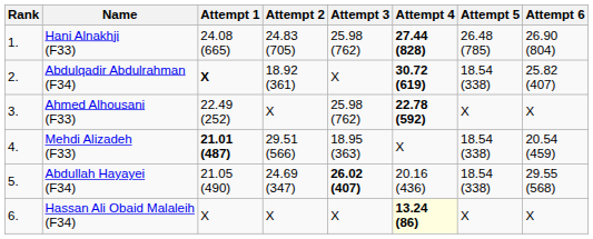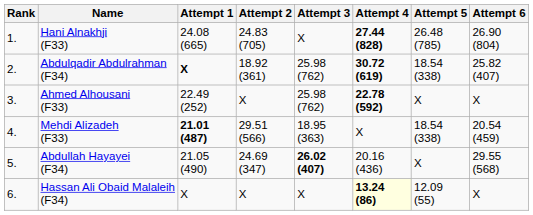 <table class="wikitable">
 <tr>
 <th>Rank</th>
 <th>Name</th>
 <th>Attempt 1</th>
 <th>Attempt 2</th>
 <th>Attempt 3</th>
 <th>Attempt 4</th>
 <th>Attempt 5</th>
 <th>Attempt 6</th>
 </tr>
 <tr>
 <td>1.</td>
 <td><a href='#'>Hani Alnakhji</a><br>(F33)<br></td>
 <td>24.08<br>(665)</td>
 <td>24.83<br>(705)</td>
-<td>25.98<br>(762)</td>
+<td>X</td>
 <td><strong>27.44</strong><br><strong>(828)</strong></td>
 <td>26.48<br>(785)</td>
 <td>26.90<br>(804)</td>
 </tr>
 <tr>
 <td>2.</td>
 <td><a href='#'>Abdulqadir Abdulrahman</a><br>(F34) </td>
 <td><strong>X</strong></td>
 <td>18.92<br>(361)</td>
-<td>X</td>
+<td>25.98<br>(762)</td>
 <td><strong>30.72</strong><br><strong>(619)</strong></td>
 <td>18.54<br>(338)</td>
 <td>25.82<br>(407)</td>
 </tr>
 <tr>
 <td>3.</td>
 <td><a href='#'>Ahmed Alhousani</a><br>(F33)<br></td>
 <td>22.49<br>(252)</td>
 <td>X</td>
 <td>25.98<br>(762)</td>
 <td><strong>22.78</strong><br><strong>(592)</strong></td>
 <td>X</td>
 <td>X</td>
 </tr>
 <tr>
 <td>4.</td>
 <td><a href='#'>Mehdi Alizadeh</a><br>(F33)<br></td>
 <td><strong>21.01</strong><br><strong>(487)</strong></td>
 <td>29.51<br>(566)</td>
 <td>18.95<br>(363)</td>
 <td>X</td>
 <td>18.54<br>(338)</td>
 <td>20.54<br>(459)</td>
 </tr>
 <tr>
 <td>5.</td>
 <td><a href='#'>Abdullah Hayayei</a><br>(F34)<br></td>
 <td>21.05<br>(490)</td>
 <td>24.69<br>(347)</td>
 <td><strong>26.02</strong><br><strong>(407)</strong></td>
 <td>20.16<br>(436)</td>
-<td>18.54<br>(338)</td>
+<td>X</td>
 <td>29.55<br>(568)</td>
 </tr>
 <tr>
 <td>6.</td>
 <td><a href='#'>Hassan Ali Obaid Malaleih</a><br>(F34)<br></td>
 <td>X</td>
 <td>X</td>
 <td>X</td>
 <td style="background: lightyellow;"><strong>13.24</strong><br><strong>(86)</strong></td>
-<td>X</td>
+<td>12.09<br>(55)</td>
 <td>X</td>
 </tr>
 </table>
